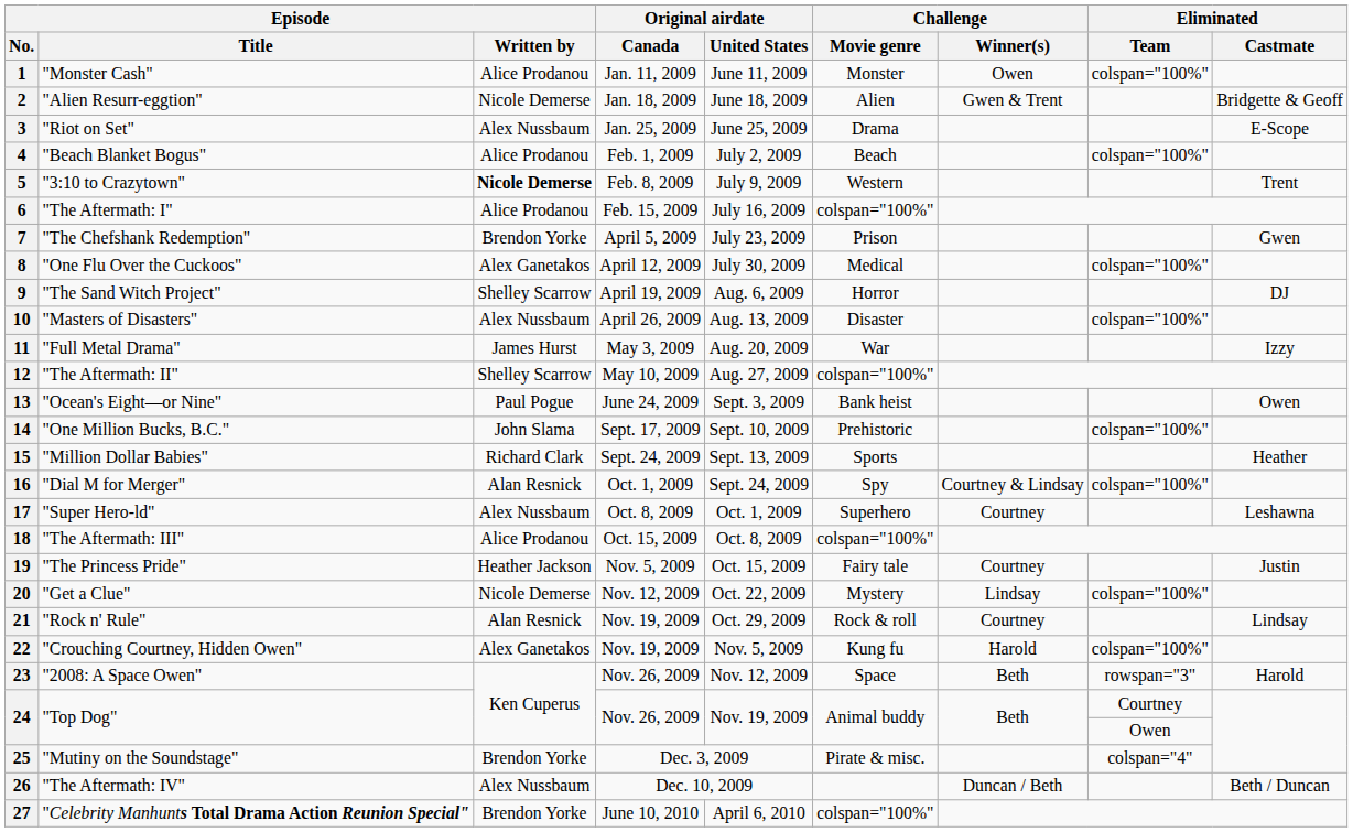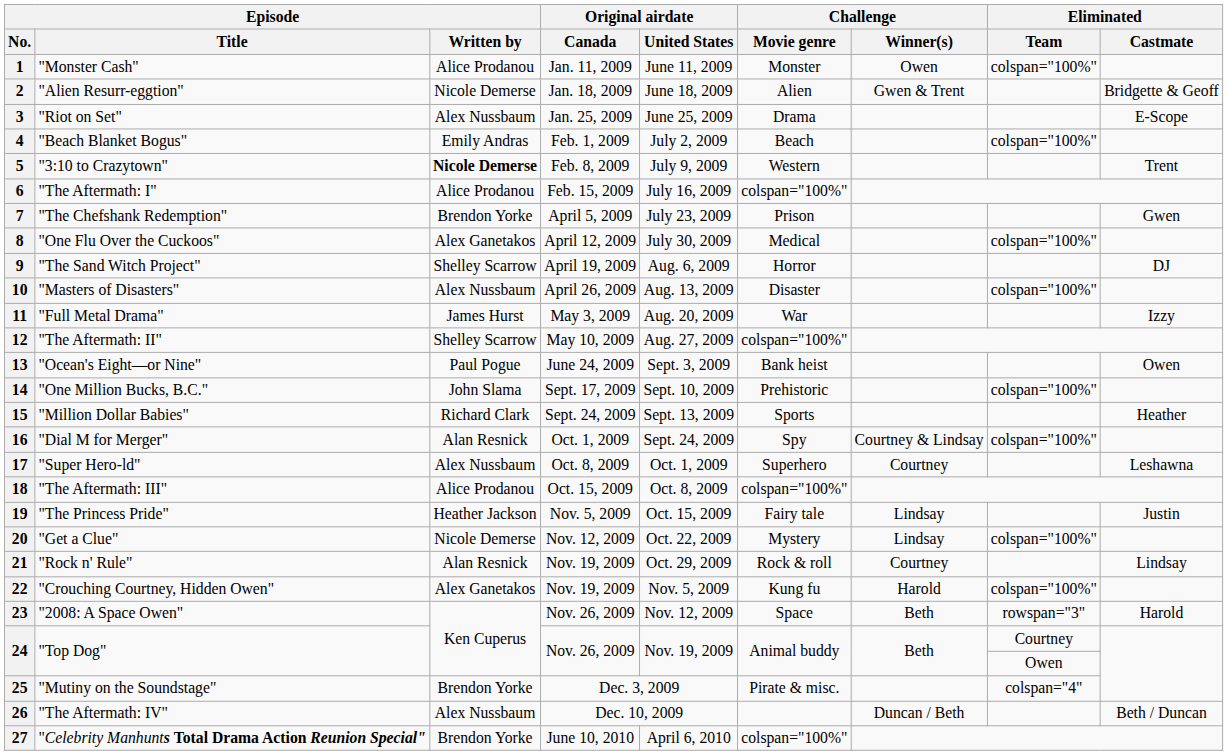 <table class="wikitable" style="text-align:center; width:auto;" align="center">
 <tr>
 <th colspan="3">Episode</th>
 <th colspan="2">Original airdate</th>
 <th colspan="2">Challenge</th>
 <th colspan="2">Eliminated</th>
 </tr>
 <tr>
 <th>No.</th>
 <th>Title</th>
 <th>Written by</th>
 <th>Canada</th>
 <th>United States</th>
 <th>Movie genre</th>
 <th>Winner(s)</th>
 <th>Team</th>
 <th>Castmate</th>
 </tr>
 <tr>
 <th>1</th>
 <td align="left">"Monster Cash"</td>
 <td>Alice Prodanou</td>
 <td>Jan. 11, 2009</td>
 <td>June 11, 2009</td>
 <td>Monster</td>
 <td>Owen</td>
 <td>colspan="100%" </td>
 </tr>
 <tr>
 <th>2</th>
 <td align="left">"Alien Resurr-eggtion"</td>
 <td>Nicole Demerse</td>
 <td>Jan. 18, 2009</td>
 <td>June 18, 2009</td>
 <td>Alien</td>
 <td>Gwen & Trent</td>
 <td></td>
 <td>Bridgette & Geoff</td>
 </tr>
 <tr>
 <th>3</th>
 <td align="left">"Riot on Set"</td>
 <td>Alex Nussbaum</td>
 <td>Jan. 25, 2009</td>
 <td>June 25, 2009</td>
 <td>Drama</td>
 <td></td>
 <td></td>
 <td>E-Scope</td>
 </tr>
 <tr>
 <th>4</th>
 <td align="left">"Beach Blanket Bogus"</td>
-<td>Alice Prodanou</td>
+<td>Emily Andras</td>
 <td>Feb. 1, 2009</td>
 <td>July 2, 2009</td>
 <td>Beach</td>
 <td></td>
 <td>colspan="100%" </td>
 </tr>
 <tr>
 <th>5</th>
 <td align="left">"3:10 to Crazytown"</td>
 <td><strong>Nicole Demerse</strong></td>
 <td>Feb. 8, 2009</td>
 <td>July 9, 2009</td>
 <td>Western</td>
 <td></td>
 <td></td>
 <td>Trent</td>
 </tr>
 <tr>
 <th>6</th>
 <td align="left">"The Aftermath: I"</td>
 <td>Alice Prodanou</td>
 <td>Feb. 15, 2009</td>
 <td>July 16, 2009</td>
 <td>colspan="100%" </td>
 </tr>
 <tr>
 <th>7</th>
 <td align="left">"The Chefshank Redemption"</td>
 <td>Brendon Yorke</td>
 <td>April 5, 2009</td>
 <td>July 23, 2009</td>
 <td>Prison</td>
 <td></td>
 <td></td>
 <td>Gwen</td>
 </tr>
 <tr>
 <th>8</th>
 <td align="left">"One Flu Over the Cuckoos"</td>
 <td>Alex Ganetakos</td>
 <td>April 12, 2009</td>
 <td>July 30, 2009</td>
 <td>Medical</td>
 <td></td>
 <td>colspan="100%" </td>
 </tr>
 <tr>
 <th>9</th>
 <td align="left">"The Sand Witch Project"</td>
 <td>Shelley Scarrow</td>
 <td>April 19, 2009</td>
 <td>Aug. 6, 2009</td>
 <td>Horror</td>
 <td></td>
 <td></td>
 <td>DJ</td>
 </tr>
 <tr>
 <th>10</th>
 <td align="left">"Masters of Disasters"</td>
 <td>Alex Nussbaum</td>
 <td>April 26, 2009</td>
 <td>Aug. 13, 2009</td>
 <td>Disaster</td>
 <td></td>
 <td>colspan="100%" </td>
 </tr>
 <tr>
 <th>11</th>
 <td align="left">"Full Metal Drama"</td>
 <td>James Hurst</td>
 <td>May 3, 2009</td>
 <td>Aug. 20, 2009</td>
 <td>War</td>
 <td></td>
 <td></td>
 <td>Izzy</td>
 </tr>
 <tr>
 <th>12</th>
 <td align="left">"The Aftermath: II"</td>
 <td>Shelley Scarrow</td>
 <td>May 10, 2009</td>
 <td>Aug. 27, 2009</td>
 <td>colspan="100%" </td>
 </tr>
 <tr>
 <th>13</th>
 <td align="left">"Ocean's Eight—or Nine"</td>
 <td>Paul Pogue</td>
 <td>June 24, 2009</td>
 <td>Sept. 3, 2009</td>
 <td>Bank heist</td>
 <td></td>
 <td></td>
 <td>Owen</td>
 </tr>
 <tr>
 <th>14</th>
 <td align="left">"One Million Bucks, B.C."</td>
 <td>John Slama</td>
 <td>Sept. 17, 2009</td>
 <td>Sept. 10, 2009</td>
 <td>Prehistoric</td>
 <td></td>
 <td>colspan="100%" </td>
 </tr>
 <tr>
 <th>15</th>
 <td align="left">"Million Dollar Babies"</td>
 <td>Richard Clark</td>
 <td>Sept. 24, 2009</td>
 <td>Sept. 13, 2009</td>
 <td>Sports</td>
 <td></td>
 <td></td>
 <td>Heather</td>
 </tr>
 <tr>
 <th>16</th>
 <td align="left">"Dial M for Merger"</td>
 <td>Alan Resnick</td>
 <td>Oct. 1, 2009</td>
 <td>Sept. 24, 2009</td>
 <td>Spy</td>
 <td>Courtney & Lindsay</td>
 <td>colspan="100%" </td>
 </tr>
 <tr>
 <th>17</th>
 <td align="left">"Super Hero-ld"</td>
 <td>Alex Nussbaum</td>
 <td>Oct. 8, 2009</td>
 <td>Oct. 1, 2009</td>
 <td>Superhero</td>
 <td>Courtney</td>
 <td></td>
 <td>Leshawna</td>
 </tr>
 <tr>
 <th>18</th>
 <td align="left">"The Aftermath: III"</td>
 <td>Alice Prodanou</td>
 <td>Oct. 15, 2009</td>
 <td>Oct. 8, 2009</td>
 <td>colspan="100%" </td>
 </tr>
 <tr>
 <th>19</th>
 <td align="left">"The Princess Pride"</td>
 <td>Heather Jackson</td>
 <td>Nov. 5, 2009</td>
 <td>Oct. 15, 2009</td>
 <td>Fairy tale</td>
-<td>Courtney</td>
+<td>Lindsay</td>
 <td></td>
 <td>Justin</td>
 </tr>
 <tr>
 <th>20</th>
 <td align="left">"Get a Clue"</td>
 <td>Nicole Demerse</td>
 <td>Nov. 12, 2009</td>
 <td>Oct. 22, 2009</td>
 <td>Mystery</td>
 <td>Lindsay</td>
 <td>colspan="100%" </td>
 </tr>
 <tr>
 <th>21</th>
 <td align="left">"Rock n' Rule"</td>
 <td>Alan Resnick</td>
 <td>Nov. 19, 2009</td>
 <td>Oct. 29, 2009</td>
 <td>Rock & roll</td>
 <td>Courtney</td>
 <td></td>
 <td>Lindsay</td>
 </tr>
 <tr>
 <th>22</th>
 <td align="left">"Crouching Courtney, Hidden Owen"</td>
 <td>Alex Ganetakos</td>
 <td>Nov. 19, 2009</td>
 <td>Nov. 5, 2009</td>
 <td>Kung fu</td>
 <td>Harold</td>
 <td>colspan="100%" </td>
 </tr>
 <tr>
 <th>23</th>
 <td align="left">"2008: A Space Owen"</td>
 <td rowspan="3">Ken Cuperus</td>
 <td>Nov. 26, 2009</td>
 <td>Nov. 12, 2009</td>
 <td>Space</td>
 <td>Beth</td>
 <td>rowspan="3" </td>
 <td>Harold</td>
 </tr>
 <tr>
 <th rowspan="2">24</th>
 <td rowspan="2" align="left">"Top Dog"</td>
 <td rowspan="2">Nov. 26, 2009</td>
 <td rowspan="2">Nov. 19, 2009</td>
 <td rowspan="2">Animal buddy</td>
 <td rowspan="2">Beth</td>
 <td>Courtney</td>
 </tr>
 <tr>
 <td>Owen</td>
 </tr>
 <tr>
 <th>25</th>
 <td align="left">"Mutiny on the Soundstage"</td>
 <td>Brendon Yorke</td>
 <td colspan="2">Dec. 3, 2009</td>
 <td>Pirate & misc.</td>
 <td></td>
 <td>colspan="4" </td>
 </tr>
 <tr>
 <th>26</th>
 <td align="left">"The Aftermath: IV"</td>
 <td>Alex Nussbaum</td>
 <td colspan="2">Dec. 10, 2009</td>
 <td></td>
 <td>Duncan / Beth</td>
 <td></td>
 <td>Beth / Duncan</td>
 </tr>
 <tr>
 <th>27</th>
 <td align="left">"<em>Celebrity Manhunt<strong>s </em>Total Drama Action<em> Reunion Special"</td>
 <td>Brendon Yorke</td>
 <td>June 10, 2010</td>
 <td>April 6, 2010</td>
 <td>colspan="100%" </td>
 </tr>
 </table>
